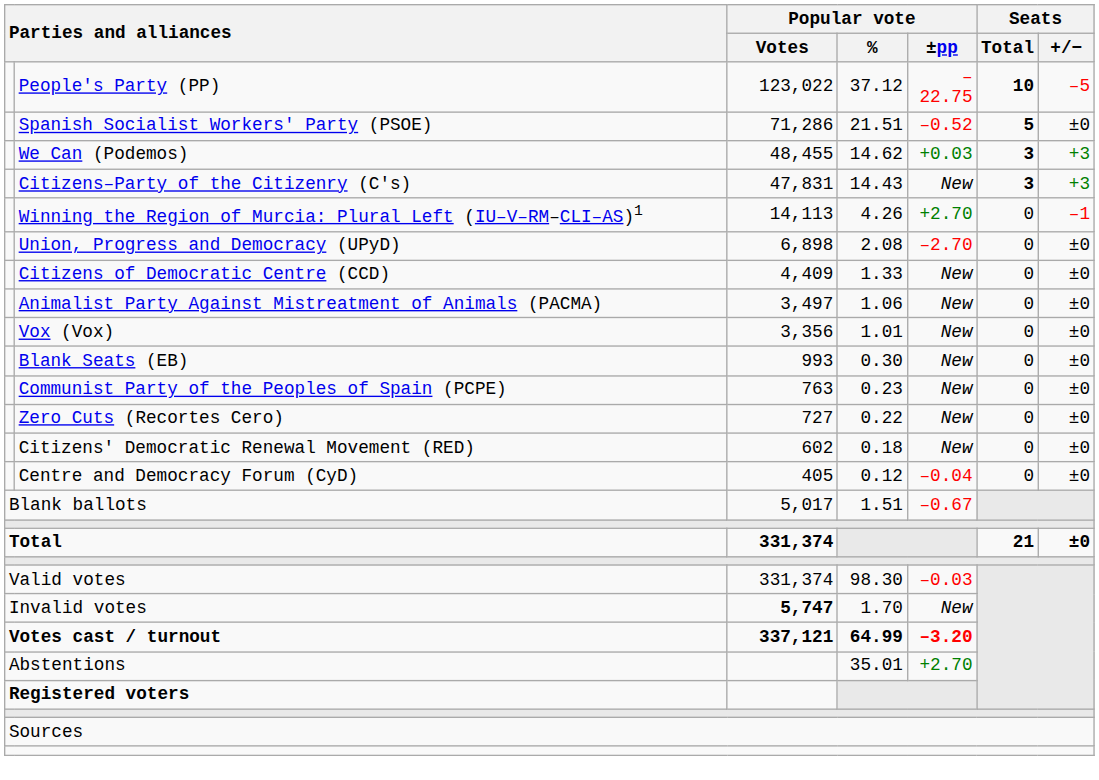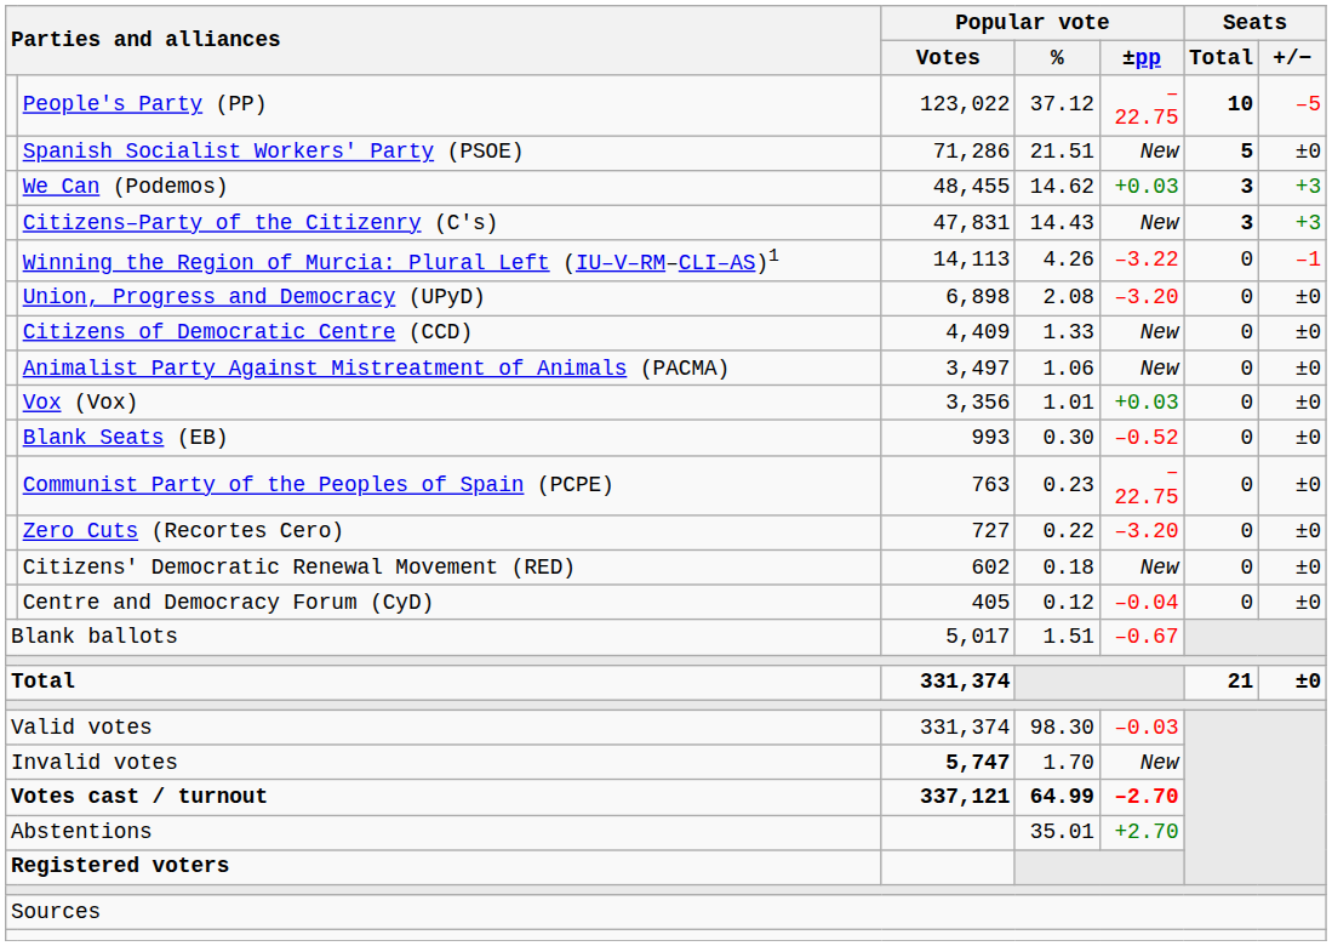 <table class="wikitable" style="text-align:right;">
 <tr>
 <th style="text-align:left;" rowspan="2" colspan="2" width="525">Parties and alliances</th>
 <th colspan="3">Popular vote</th>
 <th colspan="2">Seats</th>
 </tr>
 <tr>
 <th width="75">Votes</th>
 <th width="45">%</th>
 <th width="45">±<a href='#'>pp</a></th>
 <th width="35">Total</th>
 <th width="35">+/−</th>
 </tr>
 <tr>
 <td width="1" style="color:inherit;background:"></td>
 <td align="left"><a href='#'>People's Party</a> (PP)</td>
 <td>123,022</td>
 <td>37.12</td>
 <td style="color:red;">–22.75</td>
 <td><strong>10</strong></td>
 <td style="color:red;">–5</td>
 </tr>
 <tr>
 <td style="color:inherit;background:"></td>
 <td align="left"><a href='#'>Spanish Socialist Workers' Party</a> (PSOE)</td>
 <td>71,286</td>
 <td>21.51</td>
-<td style="color:red;">–0.52</td>
+<td><em>New</em></td>
 <td><strong>5</strong></td>
 <td>±0</td>
 </tr>
 <tr>
 <td style="color:inherit;background:"></td>
 <td align="left"><a href='#'>We Can</a> (Podemos)</td>
 <td>48,455</td>
 <td>14.62</td>
 <td style="color:green;">+0.03</td>
 <td><strong>3</strong></td>
 <td style="color:green;">+3</td>
 </tr>
 <tr>
 <td style="color:inherit;background:"></td>
 <td align="left"><a href='#'>Citizens–Party of the Citizenry</a> (C's)</td>
 <td>47,831</td>
 <td>14.43</td>
 <td><em>New</em></td>
 <td><strong>3</strong></td>
 <td style="color:green;">+3</td>
 </tr>
 <tr>
 <td style="color:inherit;background:"></td>
 <td align="left"><a href='#'>Winning the Region of Murcia: Plural Left</a> (<a href='#'>IU–V–RM</a>–<a href='#'>CLI–AS</a>)<sup>1</sup></td>
 <td>14,113</td>
 <td>4.26</td>
-<td style="color:green;">+2.70</td>
+<td style="color:red;">–3.22</td>
 <td>0</td>
 <td style="color:red;">–1</td>
 </tr>
 <tr>
 <td style="color:inherit;background:"></td>
 <td align="left"><a href='#'>Union, Progress and Democracy</a> (UPyD)</td>
 <td>6,898</td>
 <td>2.08</td>
-<td style="color:red;">–2.70</td>
+<td style="color:red;">–3.20</td>
 <td>0</td>
 <td>±0</td>
 </tr>
 <tr>
 <td style="color:inherit;background:"></td>
 <td align="left"><a href='#'>Citizens of Democratic Centre</a> (CCD)</td>
 <td>4,409</td>
 <td>1.33</td>
 <td><em>New</em></td>
 <td>0</td>
 <td>±0</td>
 </tr>
 <tr>
 <td style="color:inherit;background:"></td>
 <td align="left"><a href='#'>Animalist Party Against Mistreatment of Animals</a> (PACMA)</td>
 <td>3,497</td>
 <td>1.06</td>
 <td><em>New</em></td>
 <td>0</td>
 <td>±0</td>
 </tr>
 <tr>
 <td style="color:inherit;background:"></td>
 <td align="left"><a href='#'>Vox</a> (Vox)</td>
 <td>3,356</td>
 <td>1.01</td>
-<td><em>New</em></td>
+<td style="color:green;">+0.03</td>
 <td>0</td>
 <td>±0</td>
 </tr>
 <tr>
 <td style="color:inherit;background:"></td>
 <td align="left"><a href='#'>Blank Seats</a> (EB)</td>
 <td>993</td>
 <td>0.30</td>
-<td><em>New</em></td>
+<td style="color:red;">–0.52</td>
 <td>0</td>
 <td>±0</td>
 </tr>
 <tr>
 <td style="color:inherit;background:"></td>
 <td align="left"><a href='#'>Communist Party of the Peoples of Spain</a> (PCPE)</td>
 <td>763</td>
 <td>0.23</td>
-<td><em>New</em></td>
+<td style="color:red;">–22.75</td>
 <td>0</td>
 <td>±0</td>
 </tr>
 <tr>
 <td style="color:inherit;background:"></td>
 <td align="left"><a href='#'>Zero Cuts</a> (Recortes Cero)</td>
 <td>727</td>
 <td>0.22</td>
-<td><em>New</em></td>
+<td style="color:red;">–3.20</td>
 <td>0</td>
 <td>±0</td>
 </tr>
 <tr>
 <td style="color:inherit;background:"></td>
 <td align="left">Citizens' Democratic Renewal Movement (RED)</td>
 <td>602</td>
 <td>0.18</td>
 <td><em>New</em></td>
 <td>0</td>
 <td>±0</td>
 </tr>
 <tr>
 <td style="color:inherit;background:"></td>
 <td align="left">Centre and Democracy Forum (CyD)</td>
 <td>405</td>
 <td>0.12</td>
 <td style="color:red;">–0.04</td>
 <td>0</td>
 <td>±0</td>
 </tr>
 <tr>
 <td align="left" colspan="2">Blank ballots</td>
 <td>5,017</td>
 <td>1.51</td>
 <td style="color:red;">–0.67</td>
 <td bgcolor="#E9E9E9" colspan="2"></td>
 </tr>
 <tr>
 <td colspan="7" bgcolor="#E9E9E9"></td>
 </tr>
 <tr style="font-weight:bold;">
 <td align="left" colspan="2">Total</td>
 <td>331,374</td>
 <td bgcolor="#E9E9E9" colspan="2"></td>
 <td>21</td>
 <td>±0</td>
 </tr>
 <tr>
 <td colspan="7" bgcolor="#E9E9E9"></td>
 </tr>
 <tr>
 <td align="left" colspan="2">Valid votes</td>
 <td>331,374</td>
 <td>98.30</td>
 <td style="color:red;">–0.03</td>
 <td bgcolor="#E9E9E9" colspan="2" rowspan="5"></td>
 </tr>
 <tr>
 <td align="left" colspan="2">Invalid votes</td>
 <td><strong>5,747</strong></td>
 <td>1.70</td>
 <td><em>New</em></td>
 </tr>
 <tr style="font-weight:bold;">
 <td align="left" colspan="2">Votes cast / turnout</td>
 <td>337,121</td>
 <td>64.99</td>
-<td style="color:red;">–3.20</td>
+<td style="color:red;">–2.70</td>
 </tr>
 <tr>
 <td align="left" colspan="2">Abstentions</td>
 <td></td>
 <td>35.01</td>
 <td style="color:green;">+2.70</td>
 </tr>
 <tr style="font-weight:bold;">
 <td align="left" colspan="2">Registered voters</td>
 <td></td>
 <td bgcolor="#E9E9E9" colspan="2"></td>
 </tr>
 <tr>
 <td colspan="7" bgcolor="#E9E9E9"></td>
 </tr>
 <tr>
 <td align="left" colspan="7">Sources</td>
 </tr>
 <tr>
 <td colspan="7" style="text-align:left; max-width:790px;"></td>
 </tr>
 </table>
